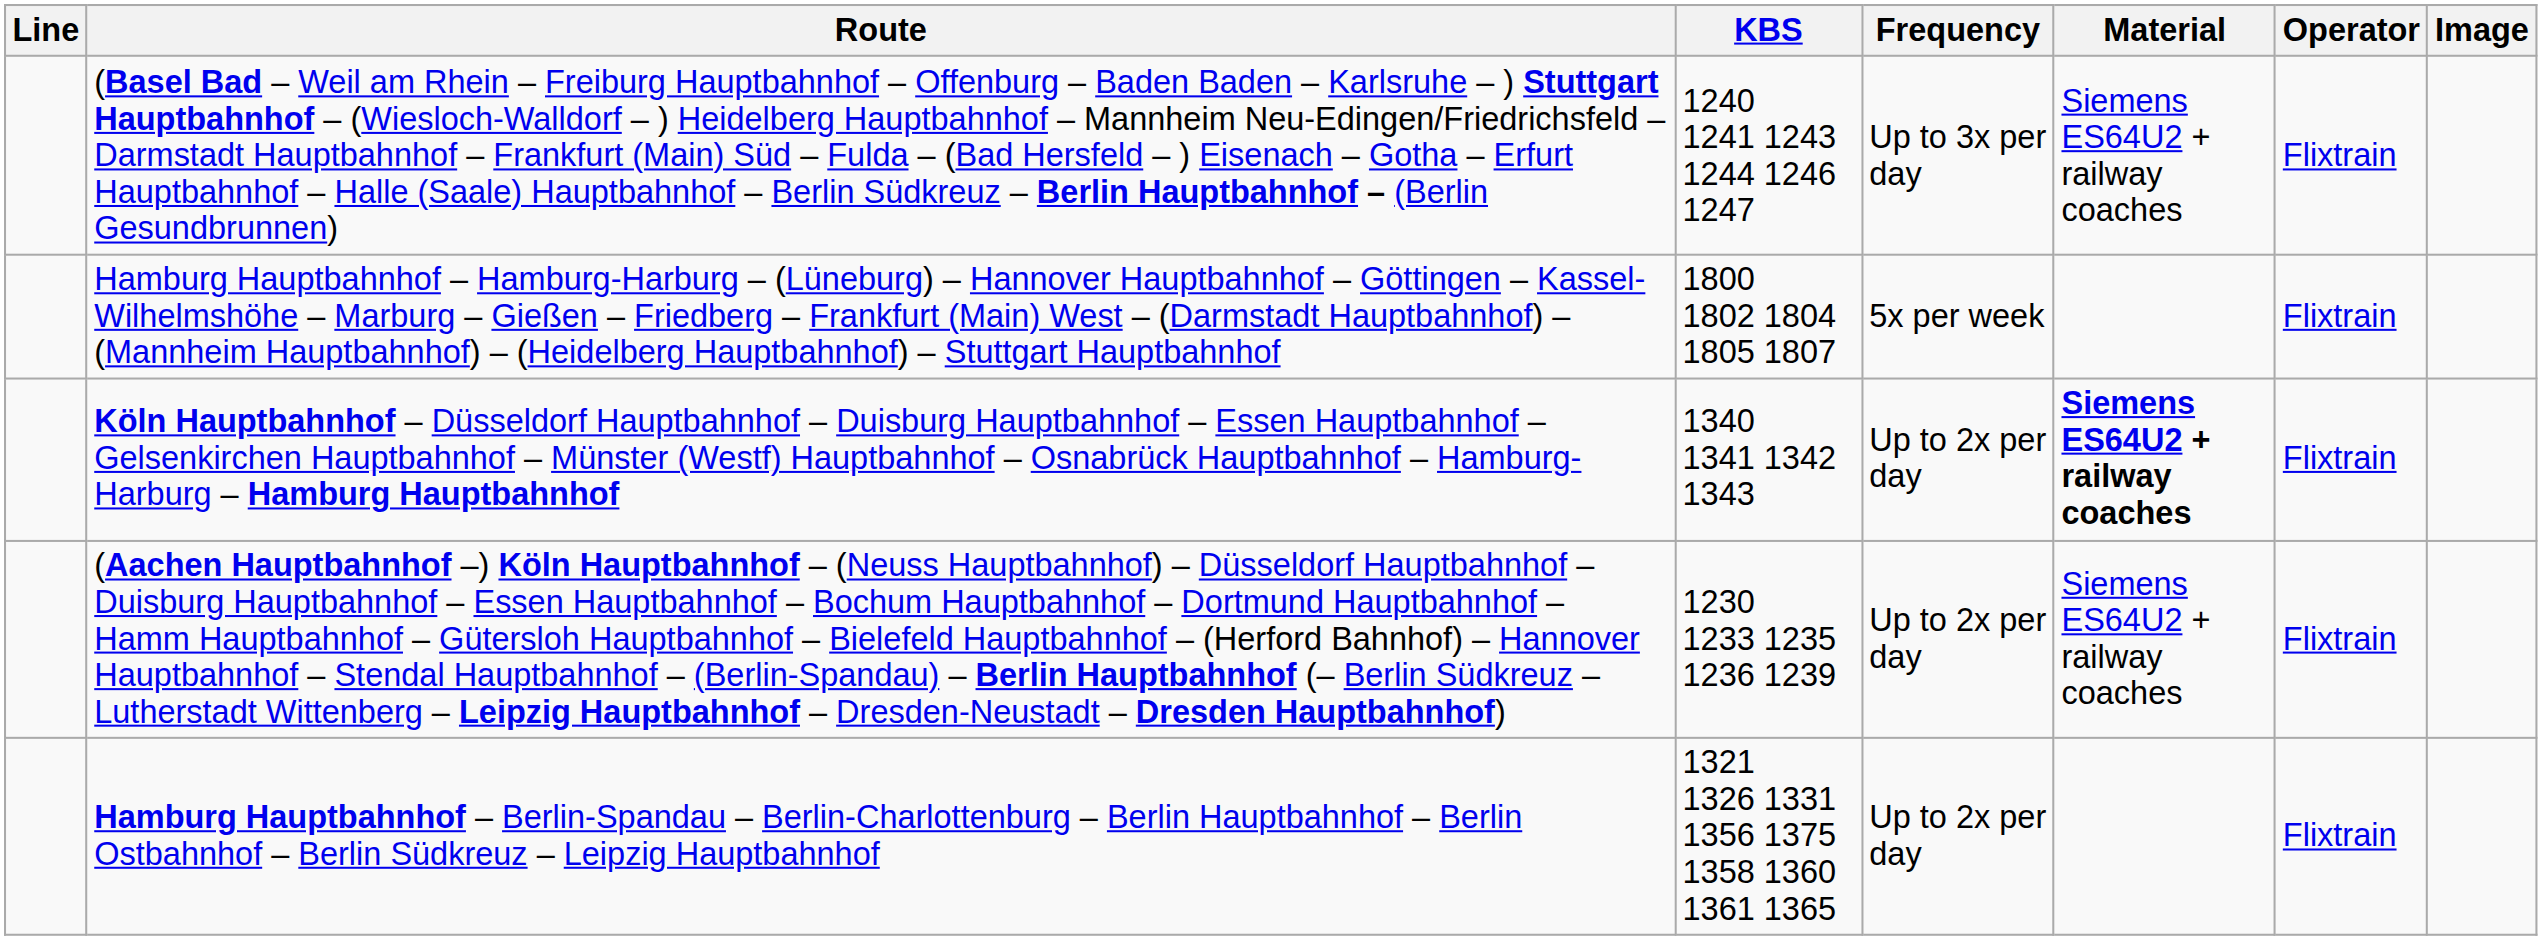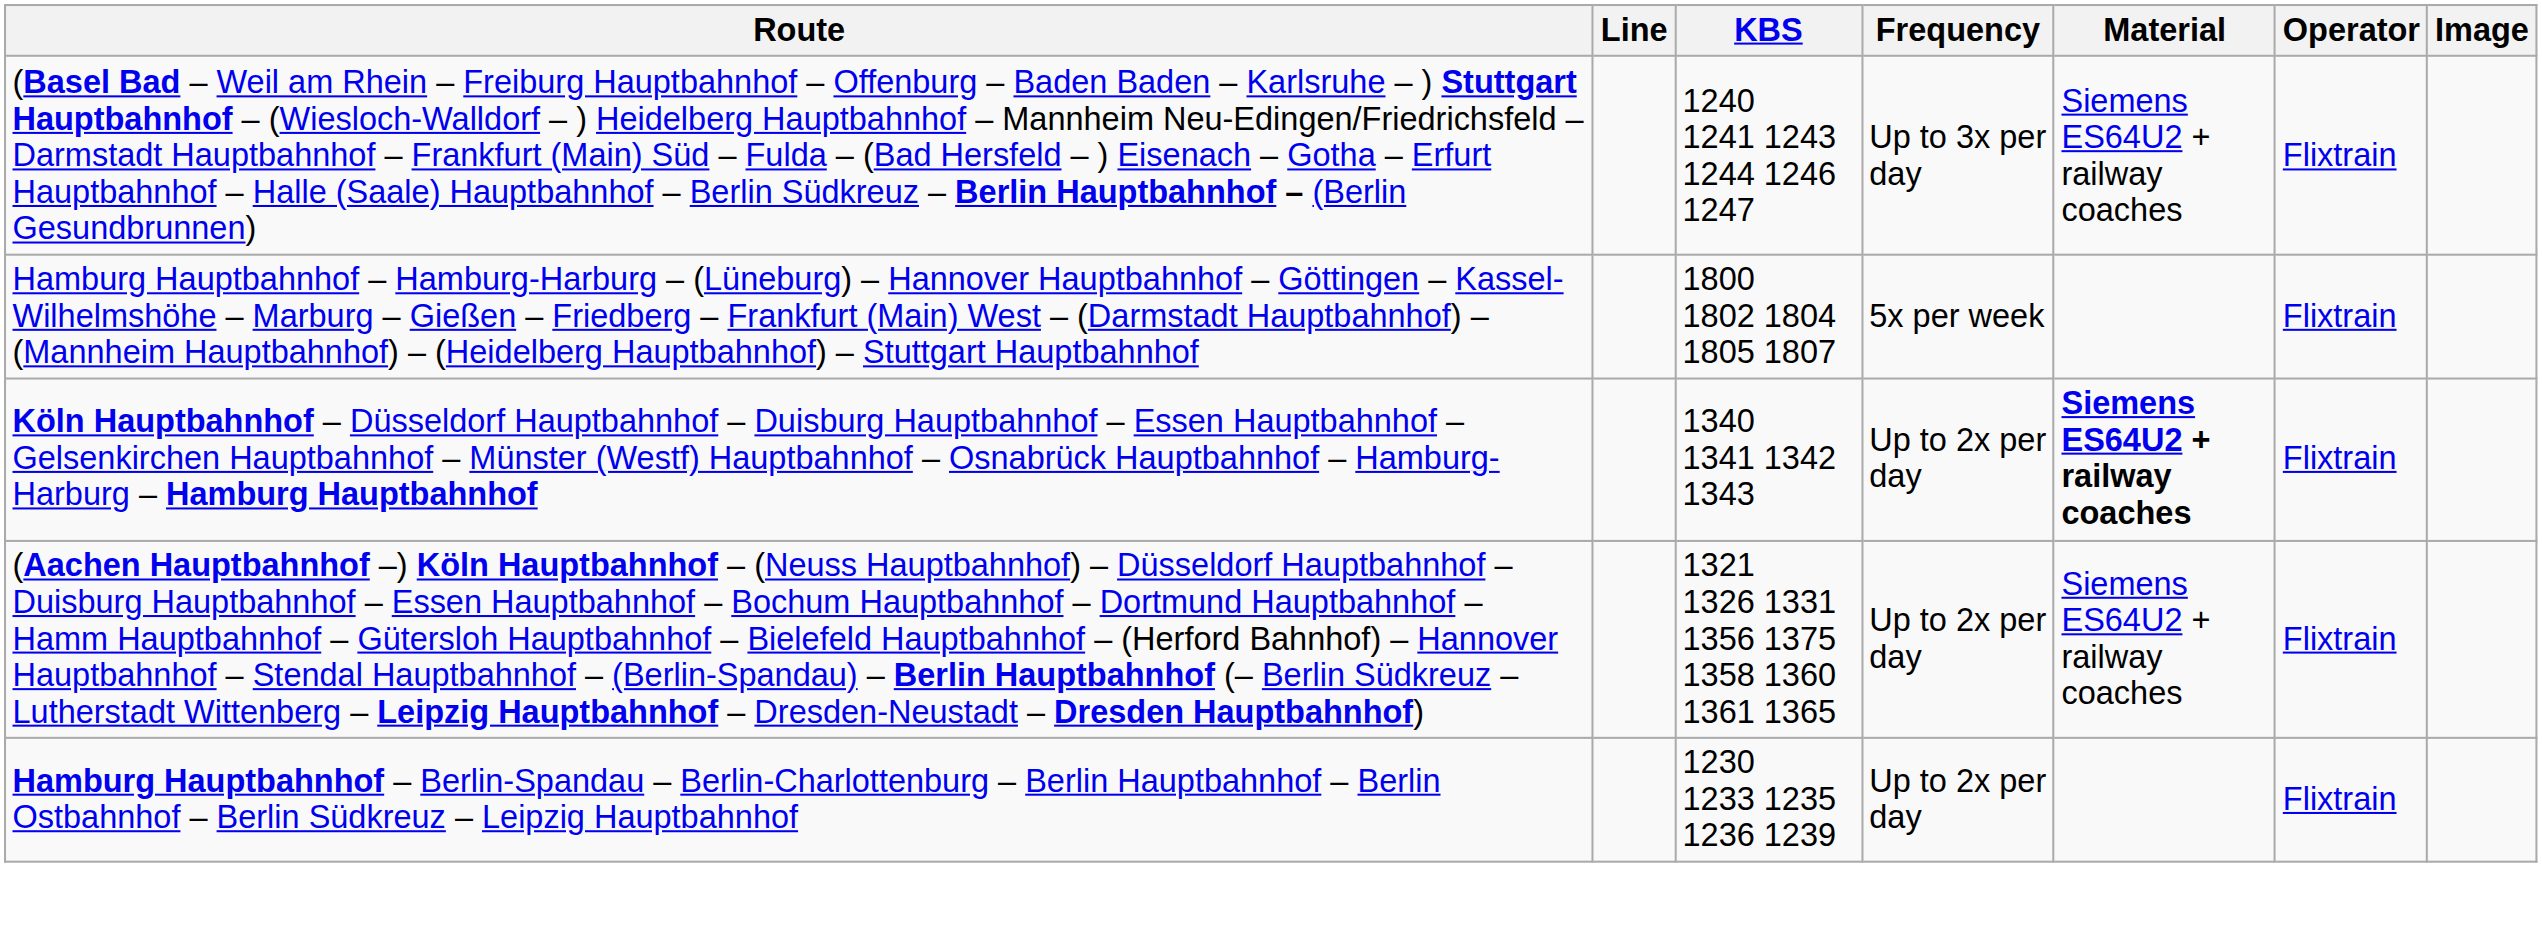 <table class="wikitable">
 <tr>
+<th>Route</th>
 <th>Line</th>
-<th>Route</th>
 <th><a href='#'>KBS</a></th>
 <th>Frequency</th>
 <th>Material</th>
 <th>Operator</th>
 <th>Image</th>
 </tr>
 <tr>
+<td>(<strong><a href='#'>Basel Bad</a></strong> – <a href='#'>Weil am Rhein</a> – <a href='#'>Freiburg Hauptbahnhof</a> – <a href='#'>Offenburg</a> – <a href='#'>Baden Baden</a> – <a href='#'>Karlsruhe</a> – ) <strong><a href='#'>Stuttgart Hauptbahnhof</a></strong> – (<a href='#'>Wiesloch-Walldorf</a> – ) <a href='#'>Heidelberg Hauptbahnhof</a> – Mannheim Neu-Edingen/Friedrichsfeld – <a href='#'>Darmstadt Hauptbahnhof</a> – <a href='#'>Frankfurt (Main) Süd</a> – <a href='#'>Fulda</a> – (<a href='#'>Bad Hersfeld</a> – ) <a href='#'>Eisenach</a> – <a href='#'>Gotha</a> – <a href='#'>Erfurt Hauptbahnhof</a> – <a href='#'>Halle (Saale) Hauptbahnhof</a> – <a href='#'>Berlin Südkreuz</a> – <strong><a href='#'>Berlin Hauptbahnhof</a> –</strong> <a href='#'>(Berlin Gesundbrunnen</a>)</td>
 <td></td>
-<td>(<strong><a href='#'>Basel Bad</a></strong> – <a href='#'>Weil am Rhein</a> – <a href='#'>Freiburg Hauptbahnhof</a> – <a href='#'>Offenburg</a> – <a href='#'>Baden Baden</a> – <a href='#'>Karlsruhe</a> – ) <strong><a href='#'>Stuttgart Hauptbahnhof</a></strong> – (<a href='#'>Wiesloch-Walldorf</a> – ) <a href='#'>Heidelberg Hauptbahnhof</a> – Mannheim Neu-Edingen/Friedrichsfeld – <a href='#'>Darmstadt Hauptbahnhof</a> – <a href='#'>Frankfurt (Main) Süd</a> – <a href='#'>Fulda</a> – (<a href='#'>Bad Hersfeld</a> – ) <a href='#'>Eisenach</a> – <a href='#'>Gotha</a> – <a href='#'>Erfurt Hauptbahnhof</a> – <a href='#'>Halle (Saale) Hauptbahnhof</a> – <a href='#'>Berlin Südkreuz</a> – <strong><a href='#'>Berlin Hauptbahnhof</a> –</strong> <a href='#'>(Berlin Gesundbrunnen</a>)</td>
 <td>1240<br>1241 1243 1244 1246 1247</td>
 <td>Up to 3x per day</td>
 <td><a href='#'>Siemens ES64U2</a> + railway coaches</td>
 <td><a href='#'>Flixtrain</a></td>
 <td></td>
 </tr>
 <tr>
+<td><a href='#'>Hamburg Hauptbahnhof</a> – <a href='#'>Hamburg-Harburg</a> – (<a href='#'>Lüneburg</a>) – <a href='#'>Hannover Hauptbahnhof</a> – <a href='#'>Göttingen</a> – <a href='#'>Kassel-Wilhelmshöhe</a> – <a href='#'>Marburg</a> – <a href='#'>Gießen</a> – <a href='#'>Friedberg</a> – <a href='#'>Frankfurt (Main) West</a> – (<a href='#'>Darmstadt Hauptbahnhof</a>) – (<a href='#'>Mannheim Hauptbahnhof</a>) – (<a href='#'>Heidelberg Hauptbahnhof</a>) – <a href='#'>Stuttgart Hauptbahnhof</a></td>
 <td></td>
-<td><a href='#'>Hamburg Hauptbahnhof</a> – <a href='#'>Hamburg-Harburg</a> – (<a href='#'>Lüneburg</a>) – <a href='#'>Hannover Hauptbahnhof</a> – <a href='#'>Göttingen</a> – <a href='#'>Kassel-Wilhelmshöhe</a> – <a href='#'>Marburg</a> – <a href='#'>Gießen</a> – <a href='#'>Friedberg</a> – <a href='#'>Frankfurt (Main) West</a> – (<a href='#'>Darmstadt Hauptbahnhof</a>) – (<a href='#'>Mannheim Hauptbahnhof</a>) – (<a href='#'>Heidelberg Hauptbahnhof</a>) – <a href='#'>Stuttgart Hauptbahnhof</a></td>
 <td>1800<br>1802 1804 1805 1807</td>
 <td>5x per week</td>
 <td></td>
 <td><a href='#'>Flixtrain</a></td>
 <td></td>
 </tr>
 <tr>
+<td><strong><a href='#'>Köln Hauptbahnhof</a></strong> – <a href='#'>Düsseldorf Hauptbahnhof</a> – <a href='#'>Duisburg Hauptbahnhof</a> – <a href='#'>Essen Hauptbahnhof</a> – <a href='#'>Gelsenkirchen Hauptbahnhof</a> – <a href='#'>Münster (Westf) Hauptbahnhof</a> – <a href='#'>Osnabrück Hauptbahnhof</a> – <a href='#'>Hamburg-Harburg</a> – <strong><a href='#'>Hamburg Hauptbahnhof</a></strong></td>
 <td></td>
-<td><strong><a href='#'>Köln Hauptbahnhof</a></strong> – <a href='#'>Düsseldorf Hauptbahnhof</a> – <a href='#'>Duisburg Hauptbahnhof</a> – <a href='#'>Essen Hauptbahnhof</a> – <a href='#'>Gelsenkirchen Hauptbahnhof</a> – <a href='#'>Münster (Westf) Hauptbahnhof</a> – <a href='#'>Osnabrück Hauptbahnhof</a> – <a href='#'>Hamburg-Harburg</a> – <strong><a href='#'>Hamburg Hauptbahnhof</a></strong></td>
 <td>1340<br>1341 1342 1343</td>
 <td>Up to 2x per day</td>
 <td><strong><a href='#'>Siemens ES64U2</a> + railway coaches</strong></td>
 <td><a href='#'>Flixtrain</a></td>
 <td></td>
 </tr>
 <tr>
+<td>(<strong><a href='#'>Aachen Hauptbahnhof</a></strong> –) <strong><a href='#'>Köln Hauptbahnhof</a></strong> – (<a href='#'>Neuss Hauptbahnhof</a>)  – <a href='#'>Düsseldorf Hauptbahnhof</a> – <a href='#'>Duisburg Hauptbahnhof</a> – <a href='#'>Essen Hauptbahnhof</a> – <a href='#'>Bochum Hauptbahnhof</a> – <a href='#'>Dortmund Hauptbahnhof</a> – <a href='#'>Hamm Hauptbahnhof</a> – <a href='#'>Gütersloh Hauptbahnhof</a> – <a href='#'>Bielefeld Hauptbahnhof</a> – (Herford Bahnhof) – <a href='#'>Hannover Hauptbahnhof</a> – <a href='#'>Stendal Hauptbahnhof</a> – <a href='#'>(Berlin-Spandau)</a> – <strong><a href='#'>Berlin Hauptbahnhof</a></strong> (– <a href='#'>Berlin Südkreuz</a> – <a href='#'>Lutherstadt Wittenberg</a> –  <strong><a href='#'>Leipzig Hauptbahnhof</a></strong> – <a href='#'>Dresden-Neustadt</a> – <strong><a href='#'>Dresden Hauptbahnhof</a></strong>)</td>
 <td></td>
-<td>(<strong><a href='#'>Aachen Hauptbahnhof</a></strong> –) <strong><a href='#'>Köln Hauptbahnhof</a></strong> – (<a href='#'>Neuss Hauptbahnhof</a>)  – <a href='#'>Düsseldorf Hauptbahnhof</a> – <a href='#'>Duisburg Hauptbahnhof</a> – <a href='#'>Essen Hauptbahnhof</a> – <a href='#'>Bochum Hauptbahnhof</a> – <a href='#'>Dortmund Hauptbahnhof</a> – <a href='#'>Hamm Hauptbahnhof</a> – <a href='#'>Gütersloh Hauptbahnhof</a> – <a href='#'>Bielefeld Hauptbahnhof</a> – (Herford Bahnhof) – <a href='#'>Hannover Hauptbahnhof</a> – <a href='#'>Stendal Hauptbahnhof</a> – <a href='#'>(Berlin-Spandau)</a> – <strong><a href='#'>Berlin Hauptbahnhof</a></strong> (– <a href='#'>Berlin Südkreuz</a> – <a href='#'>Lutherstadt Wittenberg</a> –  <strong><a href='#'>Leipzig Hauptbahnhof</a></strong> – <a href='#'>Dresden-Neustadt</a> – <strong><a href='#'>Dresden Hauptbahnhof</a></strong>)</td>
-<td>1230<br>1233 1235 1236 1239</td>
+<td>1321<br>1326 1331 1356 1375 1358 1360 1361 1365</td>
 <td>Up to 2x per day</td>
 <td><a href='#'>Siemens ES64U2</a> + railway coaches</td>
 <td><a href='#'>Flixtrain</a></td>
 <td></td>
 </tr>
 <tr>
+<td><strong><a href='#'>Hamburg Hauptbahnhof</a></strong> – <a href='#'>Berlin-Spandau</a> – <a href='#'>Berlin-Charlottenburg</a> – <a href='#'>Berlin Hauptbahnhof</a> – <a href='#'>Berlin Ostbahnhof</a> – <a href='#'>Berlin Südkreuz</a> – <a href='#'>Leipzig Hauptbahnhof</a></td>
 <td></td>
-<td><strong><a href='#'>Hamburg Hauptbahnhof</a></strong> – <a href='#'>Berlin-Spandau</a> – <a href='#'>Berlin-Charlottenburg</a> – <a href='#'>Berlin Hauptbahnhof</a> – <a href='#'>Berlin Ostbahnhof</a> – <a href='#'>Berlin Südkreuz</a> – <a href='#'>Leipzig Hauptbahnhof</a></td>
-<td>1321<br>1326 1331 1356 1375 1358 1360 1361 1365</td>
+<td>1230<br>1233 1235 1236 1239</td>
 <td>Up to 2x per day</td>
 <td></td>
 <td><a href='#'>Flixtrain</a></td>
 <td></td>
 </tr>
 </table>
